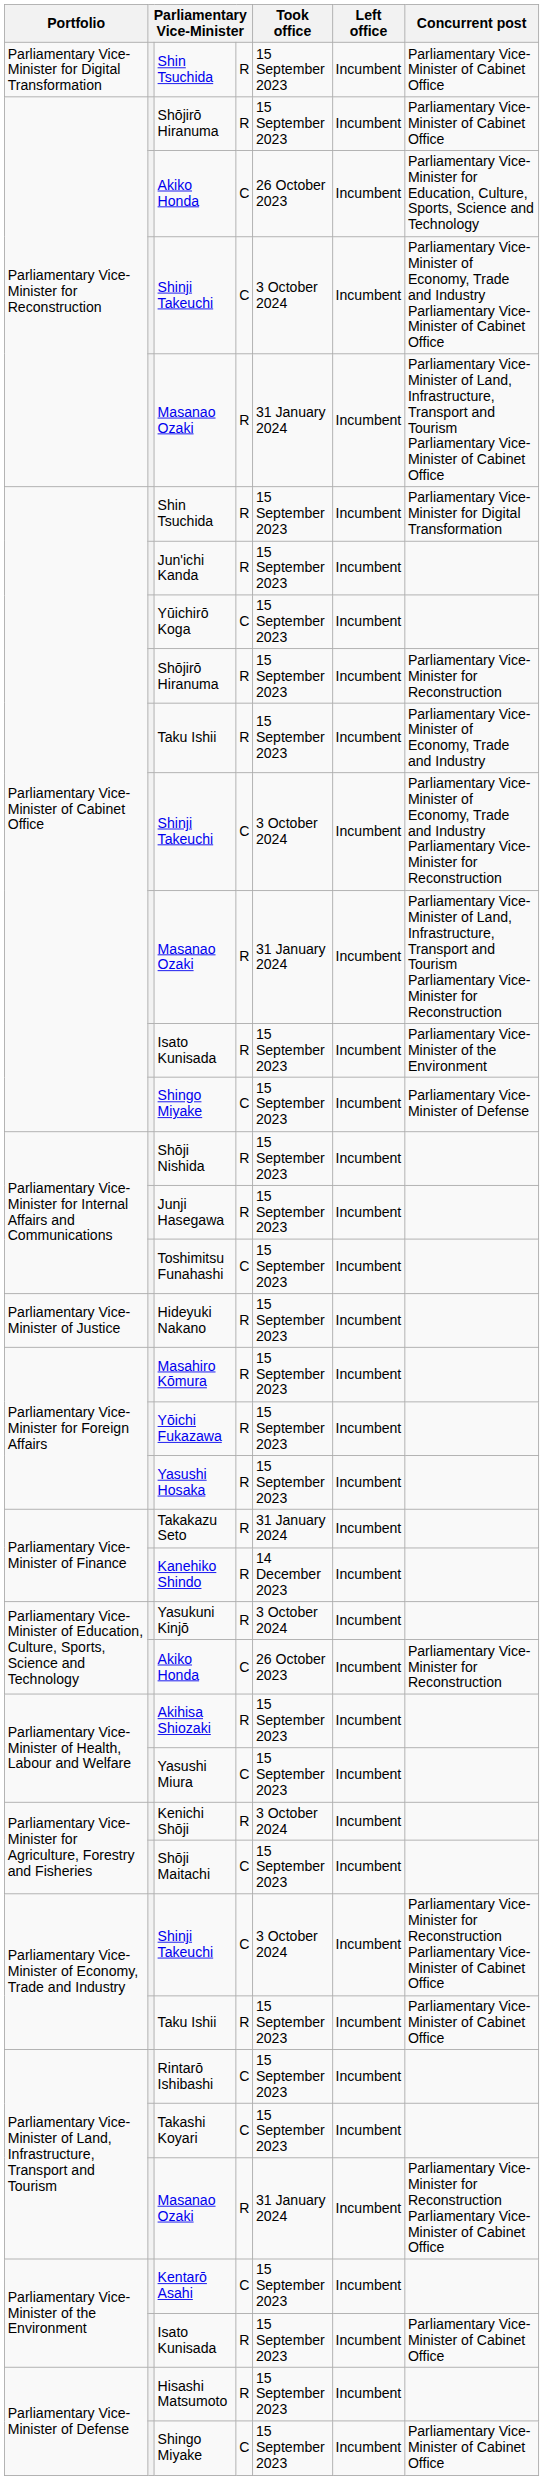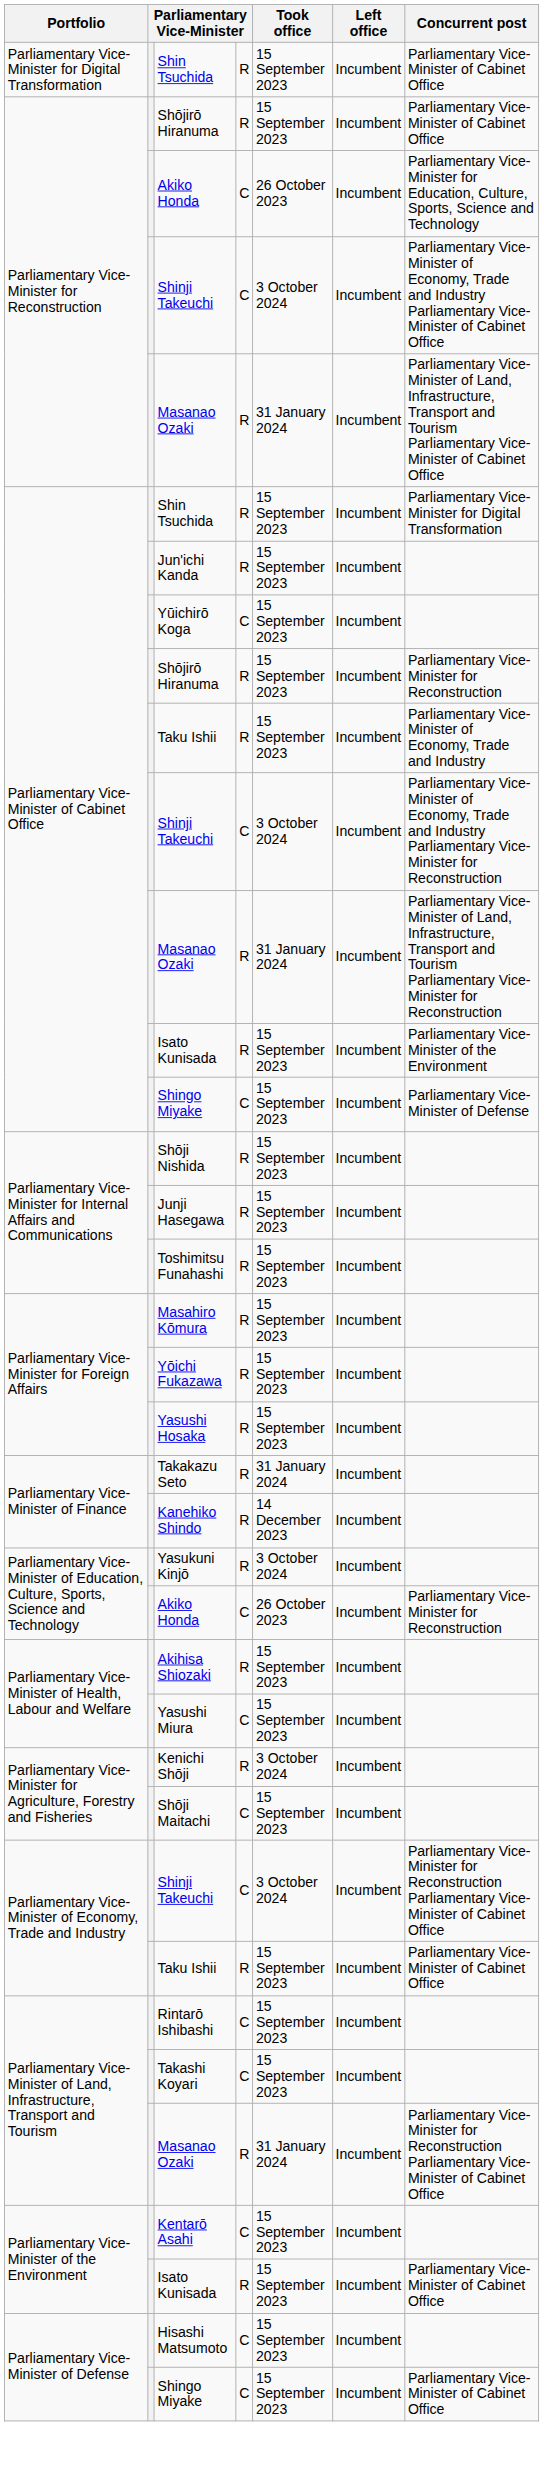 <table class="wikitable">
 <tr>
 <th>Portfolio</th>
 <th colspan="3">Parliamentary<br>Vice-Minister</th>
 <th>Took office</th>
 <th>Left office</th>
 <th>Concurrent post</th>
 </tr>
 <tr>
 <td>Parliamentary Vice-Minister for Digital Transformation</td>
 <th style="color:inherit;background-color: "></th>
 <td><a href='#'>Shin Tsuchida</a></td>
 <td>R</td>
 <td>15 September 2023</td>
 <td>Incumbent</td>
 <td>Parliamentary Vice-Minister of Cabinet Office</td>
 </tr>
 <tr>
 <td rowspan=4>Parliamentary Vice-Minister for Reconstruction</td>
 <th style="color:inherit;background-color: "></th>
 <td>Shōjirō	Hiranuma</td>
 <td>R</td>
 <td>15 September 2023</td>
 <td>Incumbent</td>
 <td>Parliamentary Vice-Minister of Cabinet Office</td>
 </tr>
 <tr>
 <th style="color:inherit;background-color: "></th>
 <td><a href='#'>Akiko Honda</a></td>
 <td>C</td>
 <td>26 October 2023</td>
 <td>Incumbent</td>
 <td>Parliamentary Vice-Minister for Education, Culture, Sports, Science and Technology</td>
 </tr>
 <tr>
 <th style="color:inherit;background-color: "></th>
 <td><a href='#'>Shinji Takeuchi</a></td>
 <td>C</td>
 <td>3 October 2024</td>
 <td>Incumbent</td>
 <td>Parliamentary Vice-Minister of Economy, Trade and Industry<br>Parliamentary Vice-Minister of Cabinet Office</td>
 </tr>
 <tr>
 <th style="color:inherit;background-color: "></th>
 <td><a href='#'>Masanao Ozaki</a></td>
 <td>R</td>
 <td>31 January 2024</td>
 <td>Incumbent</td>
 <td>Parliamentary Vice-Minister of Land, Infrastructure, Transport and Tourism<br>Parliamentary Vice-Minister of Cabinet Office</td>
 </tr>
 <tr>
 <td rowspan=9>Parliamentary Vice-Minister of Cabinet Office</td>
 <th style="color:inherit;background-color: "></th>
 <td>Shin Tsuchida</td>
 <td>R</td>
 <td>15 September 2023</td>
 <td>Incumbent</td>
 <td>Parliamentary Vice-Minister for Digital Transformation</td>
 </tr>
 <tr>
 <th style="color:inherit;background-color: "></th>
 <td>Jun'ichi Kanda</td>
 <td>R</td>
 <td>15 September 2023</td>
 <td>Incumbent</td>
 <td></td>
 </tr>
 <tr>
 <th style="color:inherit;background-color: "></th>
 <td>Yūichirō Koga</td>
 <td>C</td>
 <td>15 September 2023</td>
 <td>Incumbent</td>
 <td></td>
 </tr>
 <tr>
 <th style="color:inherit;background-color: "></th>
 <td>Shōjirō	Hiranuma</td>
 <td>R</td>
 <td>15 September 2023</td>
 <td>Incumbent</td>
 <td>Parliamentary Vice-Minister for Reconstruction</td>
 </tr>
 <tr>
 <th style="color:inherit;background-color: "></th>
 <td>Taku Ishii</td>
 <td>R</td>
 <td>15 September 2023</td>
 <td>Incumbent</td>
 <td>Parliamentary Vice-Minister of Economy, Trade and Industry</td>
 </tr>
 <tr>
 <th style="color:inherit;background-color: "></th>
 <td><a href='#'>Shinji Takeuchi</a></td>
 <td>C</td>
 <td>3 October 2024</td>
 <td>Incumbent</td>
 <td>Parliamentary Vice-Minister of Economy, Trade and Industry<br>Parliamentary Vice-Minister for Reconstruction</td>
 </tr>
 <tr>
 <th style="color:inherit;background-color: "></th>
 <td><a href='#'>Masanao Ozaki</a></td>
 <td>R</td>
 <td>31 January 2024</td>
 <td>Incumbent</td>
 <td>Parliamentary Vice-Minister of Land, Infrastructure, Transport and Tourism<br>Parliamentary Vice-Minister for Reconstruction</td>
 </tr>
 <tr>
 <th style="color:inherit;background-color: "></th>
 <td>Isato Kunisada</td>
 <td>R</td>
 <td>15 September 2023</td>
 <td>Incumbent</td>
 <td>Parliamentary Vice-Minister of the Environment</td>
 </tr>
 <tr>
 <th style="color:inherit;background-color: "></th>
 <td><a href='#'>Shingo Miyake</a></td>
 <td>C</td>
 <td>15 September 2023</td>
 <td>Incumbent</td>
 <td>Parliamentary Vice-Minister of Defense</td>
 </tr>
 <tr>
 <td rowspan=3>Parliamentary Vice-Minister for Internal Affairs and Communications</td>
 <th style="color:inherit;background-color: "></th>
 <td>Shōji Nishida</td>
 <td>R</td>
 <td>15 September 2023</td>
 <td>Incumbent</td>
 <td></td>
 </tr>
 <tr>
 <th style="color:inherit;background-color: "></th>
 <td>Junji Hasegawa</td>
 <td>R</td>
 <td>15 September 2023</td>
 <td>Incumbent</td>
 <td></td>
 </tr>
 <tr>
 <th style="color:inherit;background-color: "></th>
 <td>Toshimitsu Funahashi</td>
-<td>C</td>
-<td>15 September 2023</td>
-<td>Incumbent</td>
-<td></td>
-</tr>
-<tr>
-<td>Parliamentary Vice-Minister of Justice</td>
-<th style="color:inherit;background-color: "></th>
-<td>Hideyuki Nakano</td>
 <td>R</td>
 <td>15 September 2023</td>
 <td>Incumbent</td>
 <td></td>
 </tr>
 <tr>
 <td rowspan=3>Parliamentary Vice-Minister for Foreign Affairs</td>
 <th style="color:inherit;background-color: "></th>
 <td><a href='#'>Masahiro Kōmura</a></td>
 <td>R</td>
 <td>15 September 2023</td>
 <td>Incumbent</td>
 <td></td>
 </tr>
 <tr>
 <th style="color:inherit;background-color: "></th>
 <td><a href='#'>Yōichi Fukazawa</a></td>
 <td>R</td>
 <td>15 September 2023</td>
 <td>Incumbent</td>
 <td></td>
 </tr>
 <tr>
 <th style="color:inherit;background-color: "></th>
 <td><a href='#'>Yasushi Hosaka</a></td>
 <td>R</td>
 <td>15 September 2023</td>
 <td>Incumbent</td>
 <td></td>
 </tr>
 <tr>
 <td rowspan=2>Parliamentary Vice-Minister of Finance</td>
 <th style="color:inherit;background-color: "></th>
 <td>Takakazu Seto</td>
 <td>R</td>
 <td>31 January 2024</td>
 <td>Incumbent</td>
 <td></td>
 </tr>
 <tr>
 <th style="color:inherit;background-color: "></th>
 <td><a href='#'>Kanehiko Shindo</a></td>
 <td>R</td>
 <td>14 December 2023</td>
 <td>Incumbent</td>
 <td></td>
 </tr>
 <tr>
 <td rowspan=2>Parliamentary Vice-Minister of Education, Culture, Sports, Science and Technology</td>
 <th style="color:inherit;background-color: "></th>
 <td>Yasukuni Kinjō</td>
 <td>R</td>
 <td>3 October 2024</td>
 <td>Incumbent</td>
 <td></td>
 </tr>
 <tr>
 <th style="color:inherit;background-color: "></th>
 <td><a href='#'>Akiko Honda</a></td>
 <td>C</td>
 <td>26 October 2023</td>
 <td>Incumbent</td>
 <td>Parliamentary Vice-Minister for Reconstruction</td>
 </tr>
 <tr>
 <td rowspan=2>Parliamentary Vice-Minister of Health, Labour and Welfare</td>
 <th style="color:inherit;background-color: "></th>
 <td><a href='#'>Akihisa Shiozaki</a></td>
 <td>R</td>
 <td>15 September 2023</td>
 <td>Incumbent</td>
 <td></td>
 </tr>
 <tr>
 <th style="color:inherit;background-color: "></th>
 <td>Yasushi Miura</td>
 <td>C</td>
 <td>15 September 2023</td>
 <td>Incumbent</td>
 <td></td>
 </tr>
 <tr>
 <td rowspan=2>Parliamentary Vice-Minister for Agriculture, Forestry and Fisheries</td>
 <th style="color:inherit;background-color: "></th>
 <td>Kenichi Shōji</td>
 <td>R</td>
 <td>3 October 2024</td>
 <td>Incumbent</td>
 <td></td>
 </tr>
 <tr>
 <th style="color:inherit;background-color: "></th>
 <td>Shōji Maitachi</td>
 <td>C</td>
 <td>15 September 2023</td>
 <td>Incumbent</td>
 <td></td>
 </tr>
 <tr>
 <td rowspan=2>Parliamentary Vice-Minister of Economy, Trade and Industry</td>
 <th style="color:inherit;background-color: "></th>
 <td><a href='#'>Shinji Takeuchi</a></td>
 <td>C</td>
 <td>3 October 2024</td>
 <td>Incumbent</td>
 <td>Parliamentary Vice-Minister for Reconstruction<br>Parliamentary Vice-Minister of Cabinet Office</td>
 </tr>
 <tr>
 <th style="color:inherit;background-color: "></th>
 <td>Taku Ishii</td>
 <td>R</td>
 <td>15 September 2023</td>
 <td>Incumbent</td>
 <td>Parliamentary Vice-Minister of Cabinet Office</td>
 </tr>
 <tr>
 <td rowspan=3>Parliamentary Vice-Minister of Land, Infrastructure, Transport and Tourism</td>
 <th style="color:inherit;background-color: "></th>
 <td>Rintarō Ishibashi</td>
 <td>C</td>
 <td>15 September 2023</td>
 <td>Incumbent</td>
 <td></td>
 </tr>
 <tr>
 <th style="color:inherit;background-color: "></th>
 <td>Takashi Koyari</td>
 <td>C</td>
 <td>15 September 2023</td>
 <td>Incumbent</td>
 <td></td>
 </tr>
 <tr>
 <th style="color:inherit;background-color: "></th>
 <td><a href='#'>Masanao Ozaki</a></td>
 <td>R</td>
 <td>31 January 2024</td>
 <td>Incumbent</td>
 <td>Parliamentary Vice-Minister for Reconstruction<br>Parliamentary Vice-Minister of Cabinet Office</td>
 </tr>
 <tr>
 <td rowspan=2>Parliamentary Vice-Minister of the Environment</td>
 <th style="color:inherit;background-color: "></th>
 <td><a href='#'>Kentarō Asahi</a></td>
 <td>C</td>
 <td>15 September 2023</td>
 <td>Incumbent</td>
 <td></td>
 </tr>
 <tr>
 <th style="color:inherit;background-color: "></th>
 <td>Isato Kunisada</td>
 <td>R</td>
 <td>15 September 2023</td>
 <td>Incumbent</td>
 <td>Parliamentary Vice-Minister of Cabinet Office</td>
 </tr>
 <tr>
 <td rowspan=2>Parliamentary Vice-Minister of Defense</td>
 <th style="color:inherit;background-color: "></th>
 <td>Hisashi	Matsumoto</td>
-<td>R</td>
+<td>C</td>
 <td>15 September 2023</td>
 <td>Incumbent</td>
 <td></td>
 </tr>
 <tr>
 <th style="color:inherit;background-color: "></th>
 <td>Shingo	Miyake</td>
 <td>C</td>
 <td>15 September 2023</td>
 <td>Incumbent</td>
 <td>Parliamentary Vice-Minister of Cabinet Office</td>
 </tr>
 </table>
